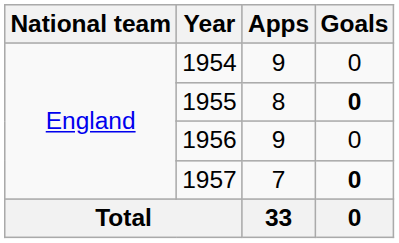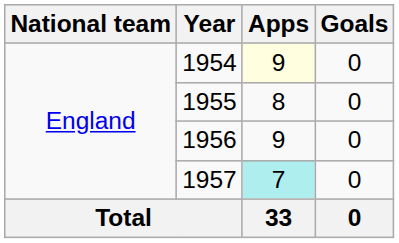 <table class="wikitable" style="text-align:center">
 <tr>
 <th>National team</th>
 <th>Year</th>
 <th>Apps</th>
 <th>Goals</th>
 </tr>
 <tr>
 <td rowspan="4"><a href='#'>England</a></td>
 <td>1954</td>
-<td>9</td>
+<td style="background: lightyellow;">9</td>
 <td>0</td>
 </tr>
 <tr>
 <td>1955</td>
 <td>8</td>
-<td><strong>0</strong></td>
+<td>0</td>
 </tr>
 <tr>
 <td>1956</td>
 <td>9</td>
 <td>0</td>
 </tr>
 <tr>
 <td>1957</td>
-<td>7</td>
-<td><strong>0</strong></td>
+<td style="background: paleturquoise;">7</td>
+<td>0</td>
 </tr>
 <tr>
 <th colspan="2">Total</th>
 <th>33</th>
 <th>0</th>
 </tr>
 </table>
